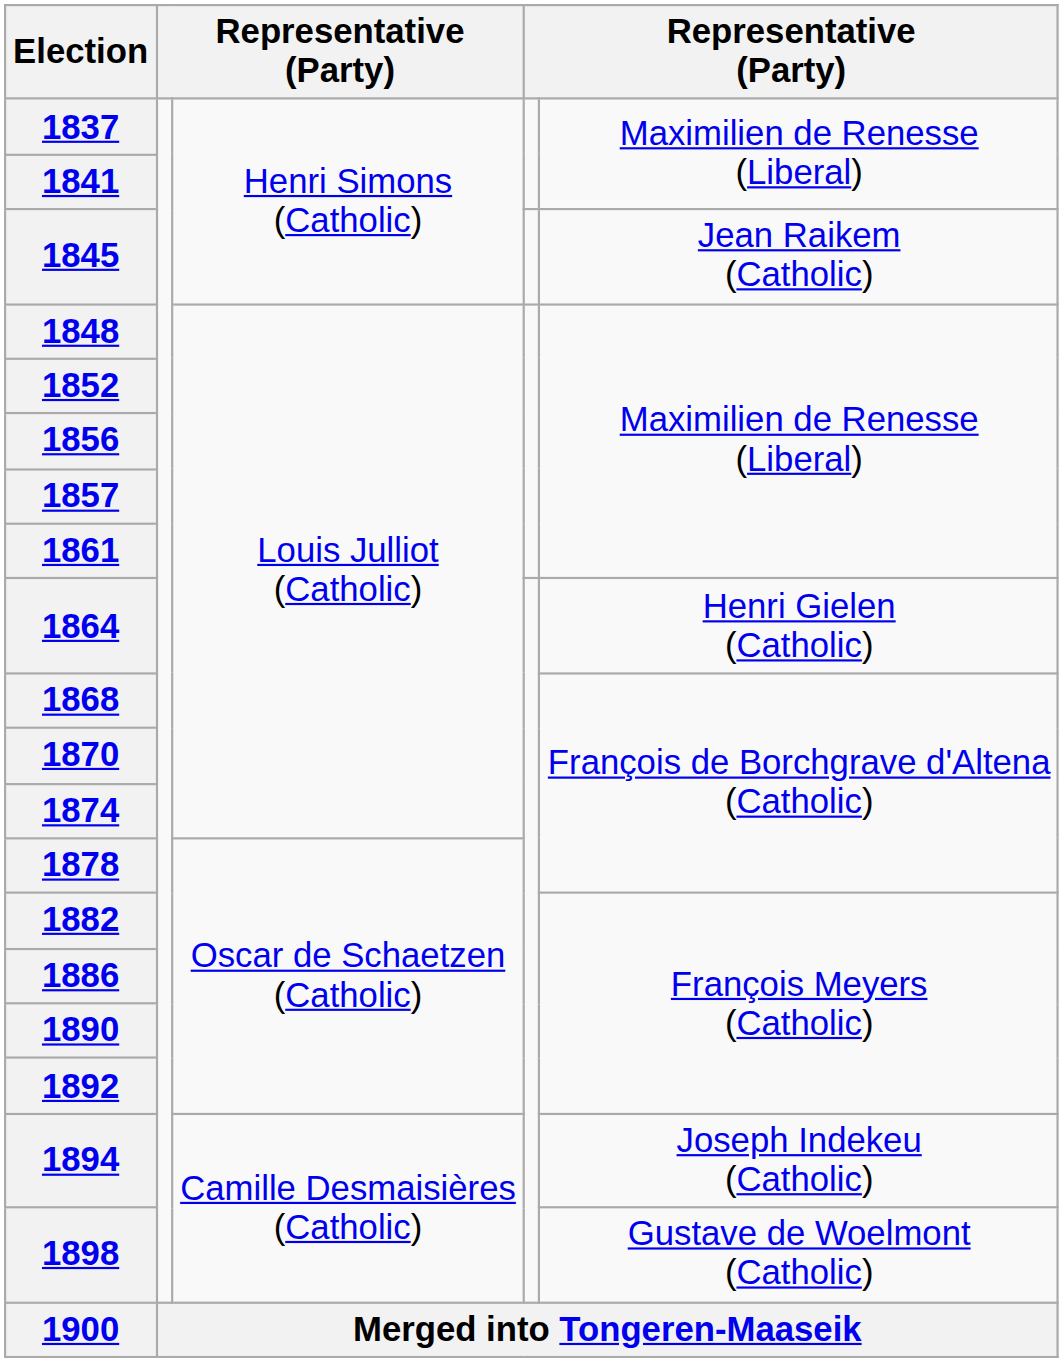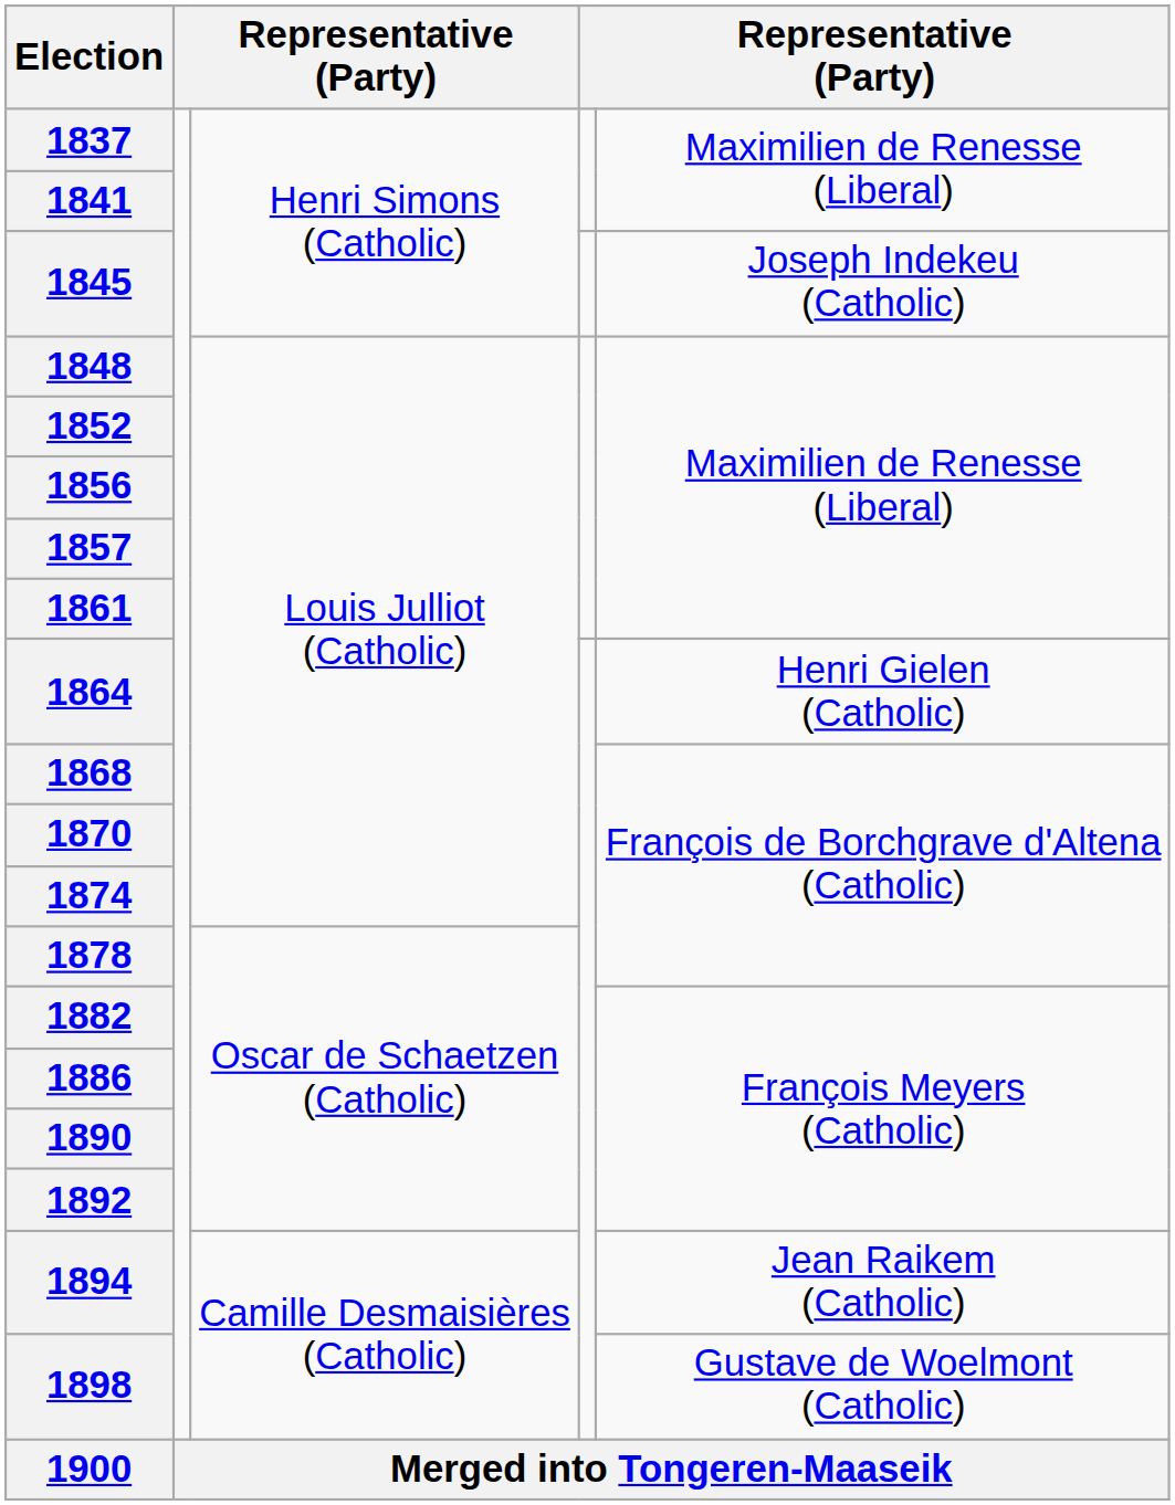 <table class="wikitable" style="text-align:center">
 <tr>
 <th>Election</th>
 <th colspan=2>Representative<br>(Party)</th>
 <th colspan=2>Representative<br>(Party)</th>
 </tr>
 <tr>
 <th><a href='#'>1837</a></th>
 <td rowspan=19; style="background-color: "></td>
 <td rowspan=3><a href='#'>Henri Simons</a><br>(<a href='#'>Catholic</a>)</td>
 <td rowspan=2; style="background-color: "></td>
 <td rowspan=2><a href='#'>Maximilien de Renesse</a><br>(<a href='#'>Liberal</a>)</td>
 </tr>
 <tr>
 <th><a href='#'>1841</a></th>
 </tr>
 <tr>
 <th><a href='#'>1845</a></th>
 <td rowspan=1; style="background-color: "></td>
-<td rowspan=1><a href='#'>Jean Raikem</a><br>(<a href='#'>Catholic</a>)</td>
+<td rowspan=1><a href='#'>Joseph Indekeu</a><br>(<a href='#'>Catholic</a>)</td>
 </tr>
 <tr>
 <th><a href='#'>1848</a></th>
 <td rowspan=9><a href='#'>Louis Julliot</a><br>(<a href='#'>Catholic</a>)</td>
 <td rowspan=5; style="background-color: "></td>
 <td rowspan=5><a href='#'>Maximilien de Renesse</a><br>(<a href='#'>Liberal</a>)</td>
 </tr>
 <tr>
 <th><a href='#'>1852</a></th>
 </tr>
 <tr>
 <th><a href='#'>1856</a></th>
 </tr>
 <tr>
 <th><a href='#'>1857</a></th>
 </tr>
 <tr>
 <th><a href='#'>1861</a></th>
 </tr>
 <tr>
 <th><a href='#'>1864</a></th>
 <td rowspan=11; style="background-color: "></td>
 <td rowspan=1><a href='#'>Henri Gielen</a><br>(<a href='#'>Catholic</a>)</td>
 </tr>
 <tr>
 <th><a href='#'>1868</a></th>
 <td rowspan=4><a href='#'>François de Borchgrave d'Altena</a><br>(<a href='#'>Catholic</a>)</td>
 </tr>
 <tr>
 <th><a href='#'>1870</a></th>
 </tr>
 <tr>
 <th><a href='#'>1874</a></th>
 </tr>
 <tr>
 <th><a href='#'>1878</a></th>
 <td rowspan=5><a href='#'>Oscar de Schaetzen</a><br>(<a href='#'>Catholic</a>)</td>
 </tr>
 <tr>
 <th><a href='#'>1882</a></th>
 <td rowspan=4><a href='#'>François Meyers</a><br>(<a href='#'>Catholic</a>)</td>
 </tr>
 <tr>
 <th><a href='#'>1886</a></th>
 </tr>
 <tr>
 <th><a href='#'>1890</a></th>
 </tr>
 <tr>
 <th><a href='#'>1892</a></th>
 </tr>
 <tr>
 <th><a href='#'>1894</a></th>
 <td rowspan=2><a href='#'>Camille Desmaisières</a><br>(<a href='#'>Catholic</a>)</td>
-<td rowspan=1><a href='#'>Joseph Indekeu</a><br>(<a href='#'>Catholic</a>)</td>
+<td rowspan=1><a href='#'>Jean Raikem</a><br>(<a href='#'>Catholic</a>)</td>
 </tr>
 <tr>
 <th><a href='#'>1898</a></th>
 <td rowspan=1><a href='#'>Gustave de Woelmont</a><br>(<a href='#'>Catholic</a>)</td>
 </tr>
 <tr>
 <th><a href='#'>1900</a></th>
 <th colspan=4>Merged into <a href='#'>Tongeren-Maaseik</a></th>
 </tr>
 </table>
